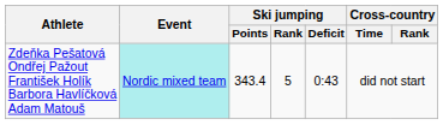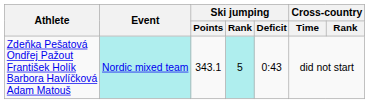 <table class="wikitable" style="font-size:90%">
 <tr>
 <th rowspan=2>Athlete</th>
 <th rowspan=2>Event</th>
 <th colspan="3">Ski jumping</th>
 <th colspan=2>Cross-country</th>
 </tr>
 <tr style="font-size:95%">
 <th>Points</th>
 <th>Rank</th>
 <th>Deficit</th>
 <th>Time</th>
 <th>Rank</th>
 </tr>
 <tr align=center>
 <td align=left><a href='#'>Zdeňka Pešatová</a><br><a href='#'>Ondřej Pažout</a><br><a href='#'>František Holík</a><br><a href='#'>Barbora Havlíčková</a><br><a href='#'>Adam Matouš</a></td>
 <td align=left style="background: paleturquoise;"><a href='#'>Nordic mixed team</a></td>
-<td>343.4</td>
-<td>5</td>
+<td>343.1</td>
+<td style="background: paleturquoise;">5</td>
 <td>0:43</td>
 <td colspan=2>did not start</td>
 </tr>
 </table>
